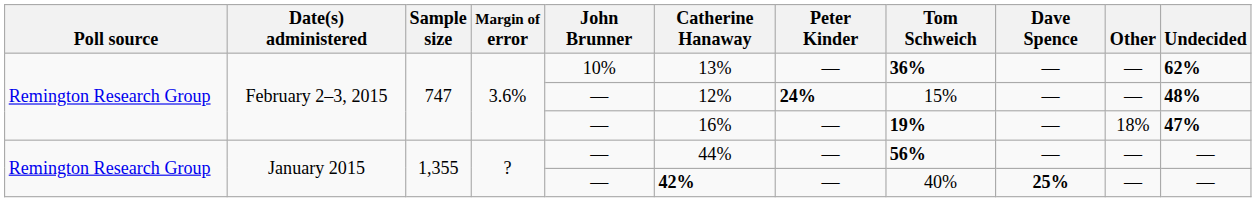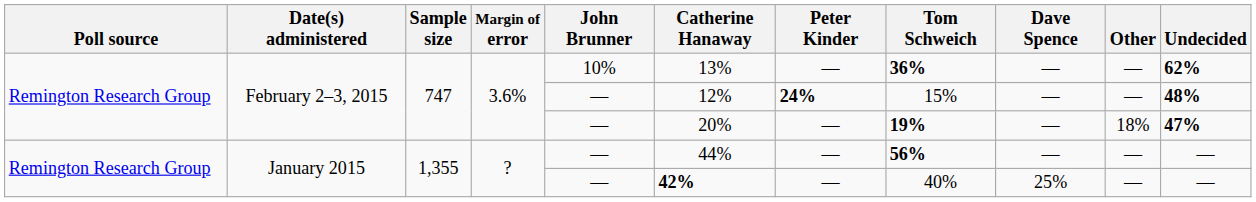 <table class="wikitable">
 <tr valign= bottom>
 <th style="width:190px;">Poll source</th>
 <th style="width:150px;">Date(s)<br>administered</th>
 <th class=small>Sample<br>size</th>
 <th><small>Margin of</small><br>error</th>
 <th style="width:90px;">John<br>Brunner</th>
 <th style="width:100px;">Catherine<br>Hanaway</th>
 <th style="width:90px;">Peter<br>Kinder</th>
 <th style="width:90px;">Tom<br>Schweich</th>
 <th style="width:90px;">Dave<br>Spence</th>
 <th style="width:40px;">Other</th>
 <th style="width:40px;">Undecided</th>
 </tr>
 <tr>
 <td rowspan=3><a href='#'>Remington Research Group</a></td>
 <td align=center rowspan=3>February 2–3, 2015</td>
 <td align=center rowspan=3>747</td>
 <td align=center rowspan=3>3.6%</td>
 <td align=center>10%</td>
 <td align=center>13%</td>
 <td align=center>—</td>
 <td><strong>36%</strong></td>
 <td align=center>—</td>
 <td align=center>—</td>
 <td><strong>62%</strong></td>
 </tr>
 <tr>
 <td align=center>—</td>
 <td align=center>12%</td>
 <td><strong>24%</strong></td>
 <td align=center>15%</td>
 <td align=center>—</td>
 <td align=center>—</td>
 <td><strong>48%</strong></td>
 </tr>
 <tr>
 <td align=center>—</td>
-<td align=center>16%</td>
+<td align=center>20%</td>
 <td align=center>—</td>
 <td><strong>19%</strong></td>
 <td align=center>—</td>
 <td align=center>18%</td>
 <td><strong>47%</strong></td>
 </tr>
 <tr>
 <td rowspan=2><a href='#'>Remington Research Group</a></td>
 <td align=center rowspan=2>January 2015</td>
 <td align=center rowspan=2>1,355</td>
 <td align=center rowspan=2>?</td>
 <td align=center>—</td>
 <td align=center>44%</td>
 <td align=center>—</td>
 <td><strong>56%</strong></td>
 <td align=center>—</td>
 <td align=center>—</td>
 <td align=center>—</td>
 </tr>
 <tr>
 <td align=center>—</td>
 <td><strong>42%</strong></td>
 <td align=center>—</td>
 <td align=center>40%</td>
-<td align=center><strong>25%</strong></td>
+<td align=center>25%</td>
 <td align=center>—</td>
 <td align=center>—</td>
 </tr>
 </table>
